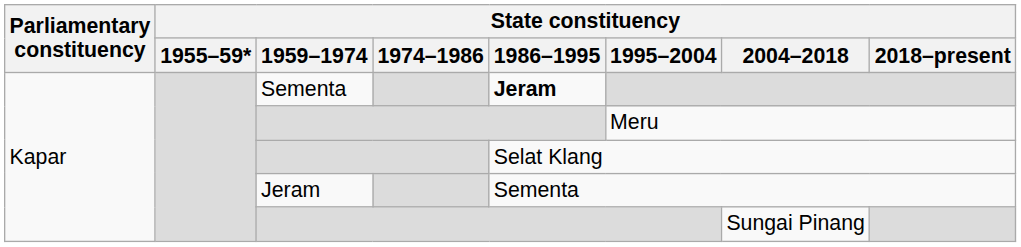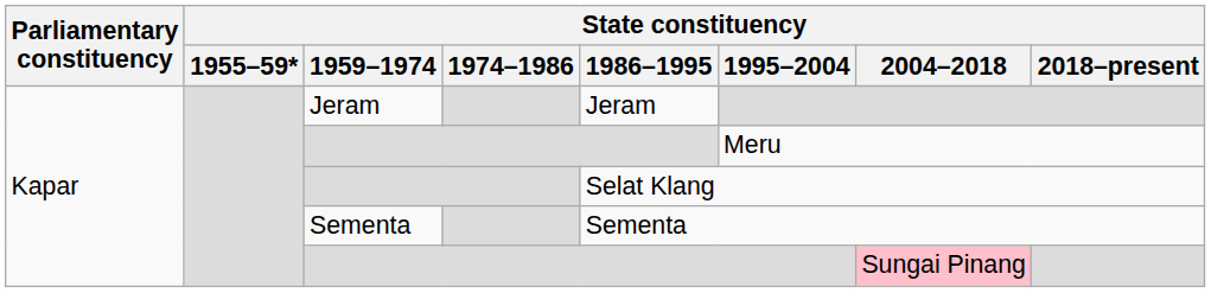 <table class="wikitable">
 <tr>
 <th rowspan="2">Parliamentary<br>constituency</th>
 <th colspan="7">State constituency</th>
 </tr>
 <tr>
 <th>1955–59*</th>
 <th>1959–1974</th>
 <th>1974–1986</th>
 <th>1986–1995</th>
 <th>1995–2004</th>
 <th>2004–2018</th>
 <th>2018–present</th>
 </tr>
 <tr>
 <td rowspan="5">Kapar</td>
 <td rowspan="5" bgcolor="dcdcdc"></td>
-<td>Sementa</td>
+<td>Jeram</td>
 <td bgcolor="dcdcdc"></td>
-<td><strong>Jeram</strong></td>
+<td>Jeram</td>
 <td colspan="3" bgcolor="dcdcdc"></td>
 </tr>
 <tr>
 <td colspan="3" bgcolor="dcdcdc"></td>
 <td colspan="3">Meru</td>
 </tr>
 <tr>
 <td colspan="2" bgcolor="dcdcdc"></td>
 <td colspan="4">Selat Klang</td>
 </tr>
 <tr>
-<td>Jeram</td>
+<td>Sementa</td>
 <td bgcolor="dcdcdc"></td>
 <td colspan="4">Sementa</td>
 </tr>
 <tr>
 <td colspan="4" bgcolor="dcdcdc"></td>
-<td>Sungai Pinang</td>
+<td style="background: pink;">Sungai Pinang</td>
 <td bgcolor="dcdcdc"></td>
 </tr>
 </table>
